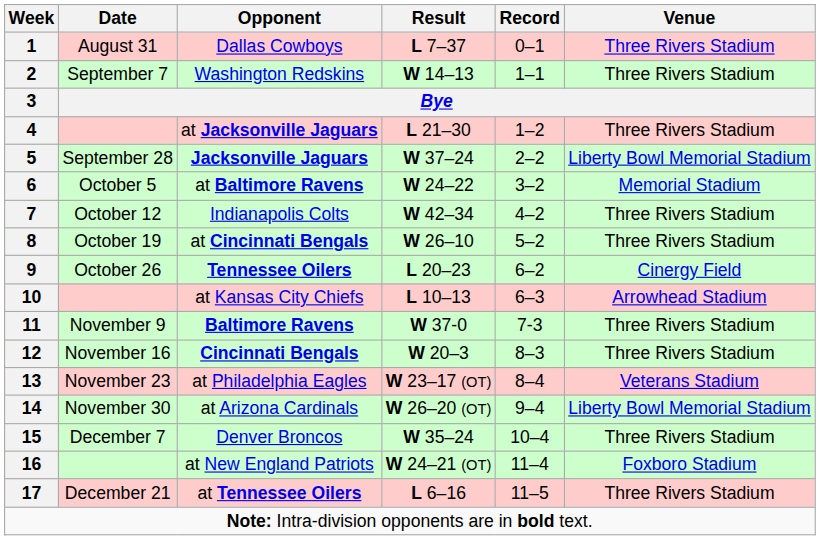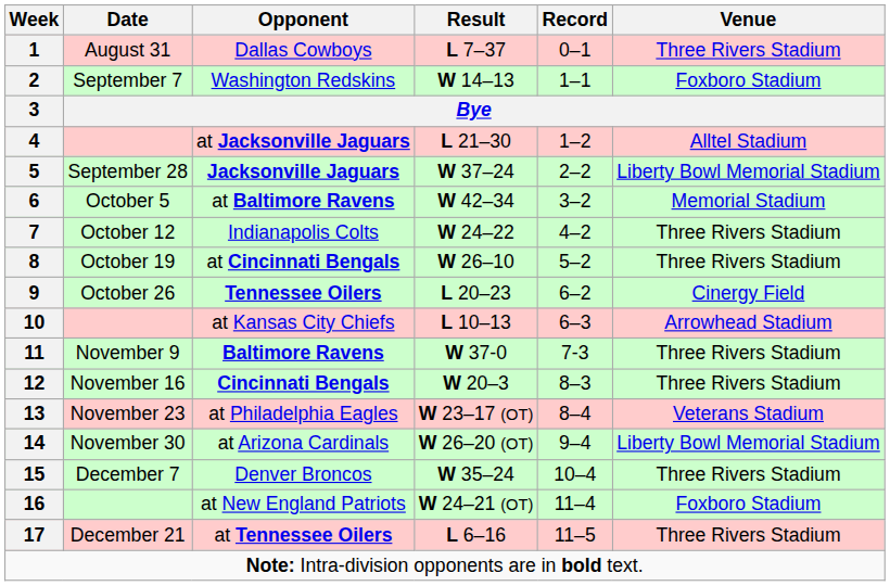 <table class="wikitable" style="text-align:center">
 <tr>
 <th>Week</th>
 <th>Date</th>
 <th>Opponent</th>
 <th>Result</th>
 <th>Record</th>
 <th>Venue</th>
 </tr>
 <tr style="background:#fcc">
 <th>1</th>
 <td>August 31</td>
 <td><a href='#'>Dallas Cowboys</a></td>
 <td><strong>L</strong> 7–37</td>
 <td>0–1</td>
 <td><a href='#'>Three Rivers Stadium</a></td>
 </tr>
 <tr style="background:#cfc">
 <th>2</th>
 <td>September 7</td>
 <td><a href='#'>Washington Redskins</a></td>
 <td><strong>W</strong> 14–13</td>
 <td>1–1</td>
-<td>Three Rivers Stadium</td>
+<td><a href='#'>Foxboro Stadium</a></td>
 </tr>
 <tr>
 <th>3</th>
 <th colspan="5"><em><a href='#'>Bye</a></em></th>
 </tr>
 <tr style="background:#fcc">
 <th>4</th>
 <td></td>
 <td>at <strong><a href='#'>Jacksonville Jaguars</a></strong></td>
 <td><strong>L</strong> 21–30</td>
 <td>1–2</td>
-<td>Three Rivers Stadium</td>
+<td><a href='#'>Alltel Stadium</a></td>
 </tr>
 <tr style="background:#cfc">
 <th>5</th>
 <td>September 28</td>
 <td><strong><a href='#'>Jacksonville Jaguars</a></strong></td>
 <td><strong>W</strong> 37–24</td>
 <td>2–2</td>
 <td><a href='#'>Liberty Bowl Memorial Stadium</a></td>
 </tr>
 <tr style="background:#cfc">
 <th>6</th>
 <td>October 5</td>
 <td>at <strong><a href='#'>Baltimore Ravens</a></strong></td>
-<td><strong>W</strong> 24–22</td>
+<td><strong>W</strong> 42–34</td>
 <td>3–2</td>
 <td><a href='#'>Memorial Stadium</a></td>
 </tr>
 <tr style="background:#cfc">
 <th>7</th>
 <td>October 12</td>
 <td><a href='#'>Indianapolis Colts</a></td>
-<td><strong>W</strong> 42–34</td>
+<td><strong>W</strong> 24–22</td>
 <td>4–2</td>
 <td>Three Rivers Stadium</td>
 </tr>
 <tr style="background:#cfc">
 <th>8</th>
 <td>October 19</td>
 <td>at <strong><a href='#'>Cincinnati Bengals</a></strong></td>
 <td><strong>W</strong> 26–10</td>
 <td>5–2</td>
 <td>Three Rivers Stadium</td>
 </tr>
 <tr style="background:#cfc">
 <th>9</th>
 <td>October 26</td>
 <td><strong><a href='#'>Tennessee Oilers</a></strong></td>
 <td><strong>L</strong> 20–23</td>
 <td>6–2</td>
 <td><a href='#'>Cinergy Field</a></td>
 </tr>
 <tr style="background:#fcc">
 <th>10</th>
 <td></td>
 <td>at <a href='#'>Kansas City Chiefs</a></td>
 <td><strong>L</strong> 10–13</td>
 <td>6–3</td>
 <td><a href='#'>Arrowhead Stadium</a></td>
 </tr>
 <tr style="background:#cfc">
 <th>11</th>
 <td>November 9</td>
 <td><strong><a href='#'>Baltimore Ravens</a></strong></td>
 <td><strong>W</strong> 37-0</td>
 <td>7-3</td>
 <td>Three Rivers Stadium</td>
 </tr>
 <tr style="background:#cfc">
 <th>12</th>
 <td>November 16</td>
 <td><strong><a href='#'>Cincinnati Bengals</a></strong></td>
 <td><strong>W</strong> 20–3</td>
 <td>8–3</td>
 <td>Three Rivers Stadium</td>
 </tr>
 <tr style="background:#fcc">
 <th>13</th>
 <td>November 23</td>
 <td>at <a href='#'>Philadelphia Eagles</a></td>
 <td><strong>W</strong> 23–17 <small>(OT)</small></td>
 <td>8–4</td>
 <td><a href='#'>Veterans Stadium</a></td>
 </tr>
 <tr style="background:#cfc">
 <th>14</th>
 <td>November 30</td>
 <td>at <a href='#'>Arizona Cardinals</a></td>
 <td><strong>W</strong> 26–20 <small>(OT)</small></td>
 <td>9–4</td>
 <td><a href='#'>Liberty Bowl Memorial Stadium</a></td>
 </tr>
 <tr style="background:#cfc">
 <th>15</th>
 <td>December 7</td>
 <td><a href='#'>Denver Broncos</a></td>
 <td><strong>W</strong> 35–24</td>
 <td>10–4</td>
 <td>Three Rivers Stadium</td>
 </tr>
 <tr style="background:#cfc">
 <th>16</th>
 <td></td>
 <td>at <a href='#'>New England Patriots</a></td>
 <td><strong>W</strong> 24–21 <small>(OT)</small></td>
 <td>11–4</td>
 <td><a href='#'>Foxboro Stadium</a></td>
 </tr>
 <tr style="background:#fcc">
 <th>17</th>
 <td>December 21</td>
 <td>at <strong><a href='#'>Tennessee Oilers</a></strong></td>
 <td><strong>L</strong> 6–16</td>
 <td>11–5</td>
 <td>Three Rivers Stadium</td>
 </tr>
 <tr>
 <td colspan="6"><strong>Note:</strong> Intra-division opponents are in <strong>bold</strong> text.</td>
 </tr>
 </table>
